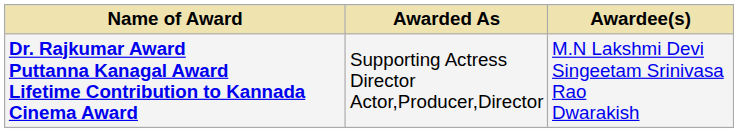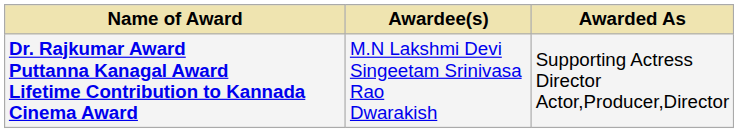 <table class="wikitable" style="width:100%;">
 <tr>
 <th style="background-color:#EFE4B0;">Name of Award</th>
+<th style="background-color:#EFE4B0;">Awardee(s)</th>
 <th style="background-color:#EFE4B0;">Awarded As</th>
-<th style="background-color:#EFE4B0;">Awardee(s)</th>
 </tr>
 <tr style="background-color:#F4F4F4">
 <td><strong><a href='#'>Dr. Rajkumar Award</a></strong><br><strong><a href='#'>Puttanna Kanagal Award</a></strong><br><strong><a href='#'>Lifetime Contribution to Kannada Cinema Award</a></strong></td>
+<td><a href='#'>M.N Lakshmi Devi</a><br><a href='#'>Singeetam Srinivasa Rao</a><br><a href='#'>Dwarakish</a></td>
 <td>Supporting Actress<br>Director<br>Actor,Producer,Director</td>
-<td><a href='#'>M.N Lakshmi Devi</a><br><a href='#'>Singeetam Srinivasa Rao</a><br><a href='#'>Dwarakish</a></td>
 </tr>
 </table>
